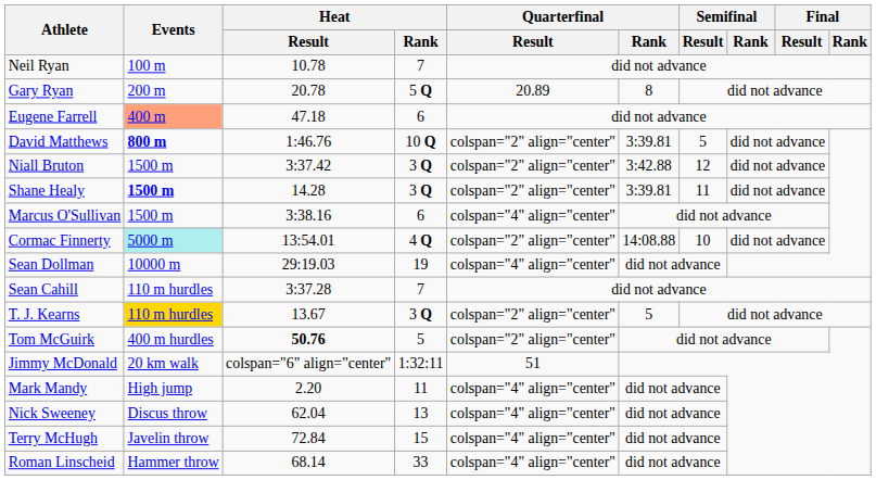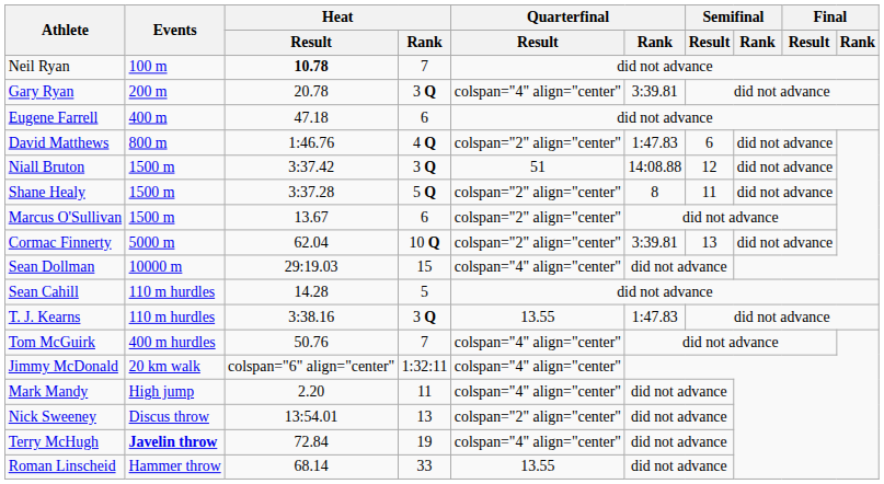 <table class=wikitable style="font-size:90%">
 <tr>
 <th rowspan="2">Athlete</th>
 <th rowspan="2">Events</th>
 <th colspan="2">Heat</th>
 <th colspan="2">Quarterfinal</th>
 <th colspan="2">Semifinal</th>
 <th colspan="2">Final</th>
 </tr>
 <tr>
 <th>Result</th>
 <th>Rank</th>
 <th>Result</th>
 <th>Rank</th>
 <th>Result</th>
 <th>Rank</th>
 <th>Result</th>
 <th>Rank</th>
 </tr>
 <tr>
 <td>Neil Ryan</td>
 <td><a href='#'>100 m</a></td>
-<td align="center">10.78</td>
+<td align="center"><strong>10.78</strong></td>
 <td align="center">7</td>
 <td align=center colspan=6>did not advance</td>
 </tr>
 <tr>
 <td><a href='#'>Gary Ryan</a></td>
 <td><a href='#'>200 m</a></td>
 <td align="center">20.78</td>
-<td align="center">5 <strong>Q</strong></td>
-<td align="center">20.89</td>
-<td align="center">8</td>
+<td align="center">3 <strong>Q</strong></td>
+<td>colspan="4" align="center" </td>
+<td align="center">3:39.81</td>
 <td align=center colspan=4>did not advance</td>
 </tr>
 <tr>
 <td><a href='#'>Eugene Farrell</a></td>
-<td style="background: lightsalmon;"><a href='#'>400 m</a></td>
+<td><a href='#'>400 m</a></td>
 <td align="center">47.18</td>
 <td align="center">6</td>
 <td align=center colspan=6>did not advance</td>
 </tr>
 <tr>
 <td><a href='#'>David Matthews</a></td>
-<td><strong><a href='#'>800 m</a></strong></td>
+<td><a href='#'>800 m</a></td>
 <td align="center">1:46.76</td>
-<td align="center">10 <strong>Q</strong></td>
+<td align="center">4 <strong>Q</strong></td>
 <td>colspan="2" align="center" </td>
-<td align="center">3:39.81</td>
-<td align="center">5</td>
+<td align="center">1:47.83</td>
+<td align="center">6</td>
 <td align=center colspan=2>did not advance</td>
 </tr>
 <tr>
 <td><a href='#'>Niall Bruton</a></td>
 <td><a href='#'>1500 m</a></td>
 <td align="center">3:37.42</td>
 <td align="center">3 <strong>Q</strong></td>
-<td>colspan="2" align="center" </td>
-<td align="center">3:42.88</td>
+<td align="center">51</td>
+<td align="center">14:08.88</td>
 <td align="center">12</td>
 <td align=center colspan=2>did not advance</td>
 </tr>
 <tr>
 <td><a href='#'>Shane Healy</a></td>
-<td><strong><a href='#'>1500 m</a></strong></td>
-<td align="center">14.28</td>
-<td align="center">3 <strong>Q</strong></td>
+<td><a href='#'>1500 m</a></td>
+<td align="center">3:37.28</td>
+<td align="center">5 <strong>Q</strong></td>
 <td>colspan="2" align="center" </td>
-<td align="center">3:39.81</td>
+<td align="center">8</td>
 <td align="center">11</td>
 <td align=center colspan=2>did not advance</td>
 </tr>
 <tr>
 <td><a href='#'>Marcus O'Sullivan</a></td>
 <td><a href='#'>1500 m</a></td>
-<td align="center">3:38.16</td>
+<td align="center">13.67</td>
 <td align="center">6</td>
-<td>colspan="4" align="center" </td>
+<td>colspan="2" align="center" </td>
 <td align=center colspan=4>did not advance</td>
 </tr>
 <tr>
 <td><a href='#'>Cormac Finnerty</a></td>
-<td style="background: paleturquoise;"><a href='#'>5000 m</a></td>
-<td align="center">13:54.01</td>
-<td align="center">4 <strong>Q</strong></td>
+<td><a href='#'>5000 m</a></td>
+<td align="center">62.04</td>
+<td align="center">10 <strong>Q</strong></td>
 <td>colspan="2" align="center" </td>
-<td align="center">14:08.88</td>
-<td align="center">10</td>
+<td align="center">3:39.81</td>
+<td align="center">13</td>
 <td align=center colspan=2>did not advance</td>
 </tr>
 <tr>
 <td><a href='#'>Sean Dollman</a></td>
 <td><a href='#'>10000 m</a></td>
 <td align="center">29:19.03</td>
-<td align="center">19</td>
+<td align="center">15</td>
 <td>colspan="4" align="center" </td>
 <td align=center colspan=2>did not advance</td>
 </tr>
 <tr>
 <td><a href='#'>Sean Cahill</a></td>
 <td><a href='#'>110 m hurdles</a></td>
-<td align="center">3:37.28</td>
-<td align="center">7</td>
+<td align="center">14.28</td>
+<td align="center">5</td>
 <td align=center colspan=6>did not advance</td>
 </tr>
 <tr>
 <td><a href='#'>T. J. Kearns</a></td>
-<td style="background: gold;"><a href='#'>110 m hurdles</a></td>
-<td align="center">13.67</td>
+<td><a href='#'>110 m hurdles</a></td>
+<td align="center">3:38.16</td>
 <td align="center">3 <strong>Q</strong></td>
-<td>colspan="2" align="center" </td>
-<td align="center">5</td>
+<td align="center">13.55</td>
+<td align="center">1:47.83</td>
 <td align=center colspan=4>did not advance</td>
 </tr>
 <tr>
 <td><a href='#'>Tom McGuirk</a></td>
 <td><a href='#'>400 m hurdles</a></td>
-<td align="center"><strong>50.76</strong></td>
-<td align="center">5</td>
-<td>colspan="2" align="center" </td>
+<td align="center">50.76</td>
+<td align="center">7</td>
+<td>colspan="4" align="center" </td>
 <td align=center colspan=4>did not advance</td>
 </tr>
 <tr>
 <td><a href='#'>Jimmy McDonald</a></td>
 <td><a href='#'>20 km walk</a></td>
 <td>colspan="6" align="center" </td>
 <td align="center">1:32:11</td>
-<td align="center">51</td>
+<td>colspan="4" align="center" </td>
 </tr>
 <tr>
 <td><a href='#'>Mark Mandy</a></td>
 <td><a href='#'>High jump</a></td>
 <td align="center">2.20</td>
 <td align="center">11</td>
 <td>colspan="4" align="center" </td>
 <td align=center colspan=2>did not advance</td>
 </tr>
 <tr>
 <td><a href='#'>Nick Sweeney</a></td>
 <td><a href='#'>Discus throw</a></td>
-<td align="center">62.04</td>
+<td align="center">13:54.01</td>
 <td align="center">13</td>
-<td>colspan="4" align="center" </td>
+<td>colspan="2" align="center" </td>
 <td align=center colspan=2>did not advance</td>
 </tr>
 <tr>
 <td><a href='#'>Terry McHugh</a></td>
-<td><a href='#'>Javelin throw</a></td>
+<td><strong><a href='#'>Javelin throw</a></strong></td>
 <td align="center">72.84</td>
-<td align="center">15</td>
+<td align="center">19</td>
 <td>colspan="4" align="center" </td>
 <td align=center colspan=2>did not advance</td>
 </tr>
 <tr>
 <td><a href='#'>Roman Linscheid</a></td>
 <td><a href='#'>Hammer throw</a></td>
 <td align="center">68.14</td>
 <td align="center">33</td>
-<td>colspan="4" align="center" </td>
+<td align="center">13.55</td>
 <td align=center colspan=2>did not advance</td>
 </tr>
 </table>
